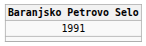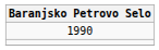 <table class="wikitable" style="margin: 0.5em auto; text-align: center;">
 <tr>
 <th colspan="1">Baranjsko Petrovo Selo</th>
 </tr>
 <tr>
-<td>1991</td>
+<td>1990</td>
 </tr>
 <tr>
 <td></td>
 </tr>
 <tr>
 </tr>
 </table>
